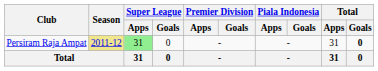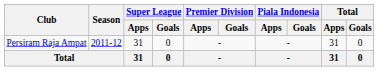 <table class="wikitable" style="font-size:90%; text-align:center;">
 <tr>
 <th rowspan="2">Club</th>
 <th rowspan="2">Season</th>
 <th colspan="2"><a href='#'>Super League</a></th>
 <th colspan="2"><a href='#'>Premier Division</a></th>
 <th colspan="2"><a href='#'>Piala Indonesia</a></th>
 <th colspan="2">Total</th>
 </tr>
 <tr>
 <th>Apps</th>
 <th>Goals</th>
 <th>Apps</th>
 <th>Goals</th>
 <th>Apps</th>
 <th>Goals</th>
 <th>Apps</th>
 <th>Goals</th>
 </tr>
 <tr>
 <td rowspan="1"><a href='#'>Persiram Raja Ampat</a></td>
-<td style="background: khaki;"><a href='#'>2011-12</a></td>
-<td style="background: lightgreen;">31</td>
+<td><a href='#'>2011-12</a></td>
+<td>31</td>
 <td>0</td>
 <td colspan="2">-</td>
 <td colspan="2">-</td>
 <td>31</td>
-<td><strong>0</strong></td>
+<td>0</td>
 </tr>
 <tr>
 <th colspan="2">Total</th>
 <th>31</th>
 <th>0</th>
 <th colspan="2">-</th>
 <th colspan="2">-</th>
 <th>31</th>
 <th>0</th>
 </tr>
 </table>
